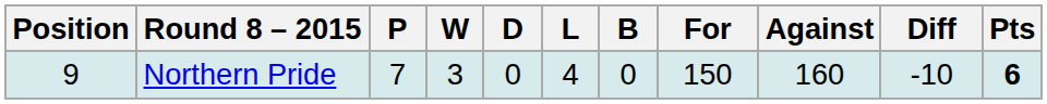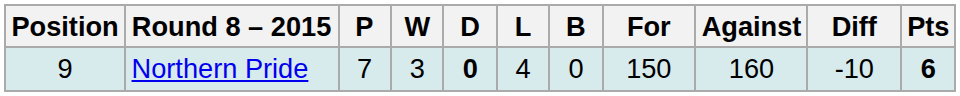 <table class="wikitable" style="text-align:center; font-size:85%;">
 <tr>
 <th width=40 abbr="Position">Position</th>
 <th width=100>Round 8 – 2015</th>
 <th width=20 abbr="Played">P</th>
 <th width=20 abbr="Won">W</th>
 <th width=20 abbr="Drawn">D</th>
 <th width=20 abbr="Lost">L</th>
 <th width=20 abbr="Bye">B</th>
 <th width=40 abbr="Points for">For</th>
 <th width=40 abbr="Points against">Against</th>
 <th width=40 abbr="Points difference">Diff</th>
 <th width=20 abbr="Points">Pts</th>
 </tr>
 <tr style="background: #d7ebed;">
 <td>9</td>
 <td style="text-align:left;"> <a href='#'>Northern Pride</a></td>
 <td>7</td>
 <td>3</td>
-<td>0</td>
+<td><strong>0</strong></td>
 <td>4</td>
 <td>0</td>
 <td>150</td>
 <td>160</td>
 <td>-10</td>
 <td><strong>6</strong></td>
 </tr>
 <tr>
 </tr>
 </table>
